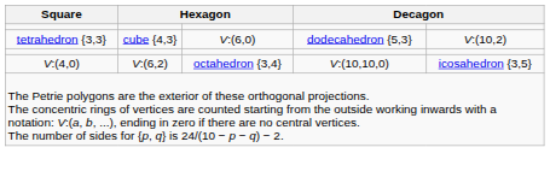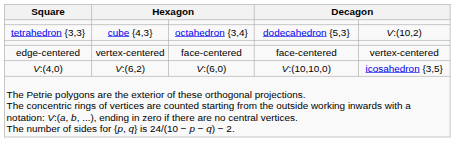 <table class=wikitable width=720px>
 <tr align=center>
 <th>Square</th>
 <th colspan=2>Hexagon</th>
 <th colspan=2>Decagon</th>
 </tr>
 <tr align=center>
 <td></td>
 <td></td>
 <td></td>
 <td></td>
 <td></td>
 </tr>
 <tr align=center>
 <td><a href='#'>tetrahedron</a> {3,3}</td>
 <td><a href='#'>cube</a> {4,3}</td>
-<td><em>V</em>:(6,0)</td>
+<td><a href='#'>octahedron</a> {3,4}</td>
 <td><a href='#'>dodecahedron</a> {5,3}</td>
 <td><em>V</em>:(10,2)</td>
 </tr>
 <tr align=center>
 <td></td>
 <td></td>
 <td></td>
 <td></td>
 <td></td>
 </tr>
 <tr align=center>
+<td>edge-centered</td>
+<td>vertex-centered</td>
+<td>face-centered</td>
+<td>face-centered</td>
+<td>vertex-centered</td>
+</tr>
+<tr align=center>
 <td><em>V</em>:(4,0)</td>
 <td><em>V</em>:(6,2)</td>
-<td><a href='#'>octahedron</a> {3,4}</td>
+<td><em>V</em>:(6,0)</td>
 <td><em>V</em>:(10,10,0)</td>
 <td><a href='#'>icosahedron</a> {3,5}</td>
 </tr>
 <tr>
 <td colspan=5><br>The Petrie polygons are the exterior of these orthogonal projections.<br> The concentric rings of vertices are counted starting from the outside working inwards with a notation: <em>V</em>:(<em>a</em>, <em>b</em>, ...), ending in zero if there are no central vertices.<br> The number of sides for {<em>p</em>, <em>q</em>} is 24/(10 − <em>p</em> − <em>q</em>) − 2.</td>
 </tr>
 </table>
